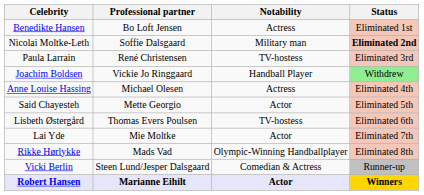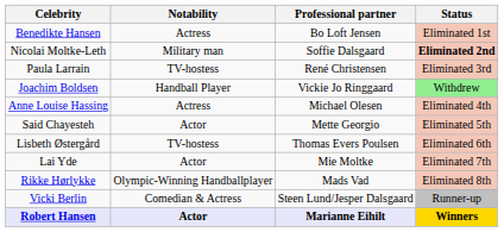 <table class= "wikitable sortable" style="text-align: center; margin:auto; align: center">
 <tr>
 <th>Celebrity</th>
+<th>Notability</th>
 <th>Professional partner</th>
-<th>Notability</th>
 <th>Status</th>
 </tr>
 <tr>
 <td><a href='#'>Benedikte Hansen</a></td>
+<td>Actress</td>
 <td>Bo Loft Jensen</td>
-<td>Actress</td>
 <td style="background:#f4c7b8;">Eliminated 1st</td>
 </tr>
 <tr>
 <td>Nicolai Moltke-Leth</td>
+<td>Military man</td>
 <td>Soffie Dalsgaard</td>
-<td>Military man</td>
 <td style="background:#f4c7b8;"><strong>Eliminated 2nd</strong></td>
 </tr>
 <tr>
 <td>Paula Larrain</td>
+<td>TV-hostess</td>
 <td>René Christensen</td>
-<td>TV-hostess</td>
 <td style="background:#f4c7b8;">Eliminated 3rd</td>
 </tr>
 <tr>
 <td><a href='#'>Joachim Boldsen</a></td>
+<td>Handball Player</td>
 <td>Vickie Jo Ringgaard</td>
-<td>Handball Player</td>
 <td style="background:lightgreen;">Withdrew</td>
 </tr>
 <tr>
 <td><a href='#'>Anne Louise Hassing</a></td>
+<td>Actress</td>
 <td>Michael Olesen</td>
-<td>Actress</td>
 <td style="background:#f4c7b8;">Eliminated 4th</td>
 </tr>
 <tr>
 <td>Said Chayesteh</td>
+<td>Actor</td>
 <td>Mette Georgio</td>
-<td>Actor</td>
 <td style="background:#f4c7b8;">Eliminated 5th</td>
 </tr>
 <tr>
 <td>Lisbeth Østergård</td>
+<td>TV-hostess</td>
 <td>Thomas Evers Poulsen</td>
-<td>TV-hostess</td>
 <td style="background:#f4c7b8;">Eliminated 6th</td>
 </tr>
 <tr>
 <td>Lai Yde</td>
+<td>Actor</td>
 <td>Mie Moltke</td>
-<td>Actor</td>
 <td style="background:#f4c7b8;">Eliminated 7th</td>
 </tr>
 <tr>
 <td><a href='#'>Rikke Hørlykke</a></td>
+<td>Olympic-Winning Handballplayer</td>
 <td>Mads Vad</td>
-<td>Olympic-Winning Handballplayer</td>
 <td style="background:#f4c7b8;">Eliminated 8th</td>
 </tr>
 <tr>
 <td><a href='#'>Vicki Berlin</a></td>
+<td>Comedian & Actress</td>
 <td>Steen Lund/Jesper Dalsgaard</td>
-<td>Comedian & Actress</td>
 <td style="background:silver;">Runner-up</td>
 </tr>
 <tr>
 <td style="background:lavender;"><strong><a href='#'>Robert Hansen</a></strong></td>
+<td style="background:lavender;"><strong>Actor</strong></td>
 <td style="background:lavender;"><strong>Marianne Eihilt</strong></td>
-<td style="background:lavender;"><strong>Actor</strong></td>
 <td style="background:gold;"><strong>Winners</strong></td>
 </tr>
 </table>
